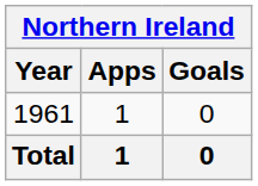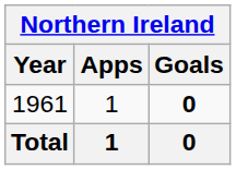 <table class="wikitable" style="text-align:center">
 <tr>
 <th colspan=3><a href='#'>Northern Ireland</a></th>
 </tr>
 <tr>
 <th>Year</th>
 <th>Apps</th>
 <th>Goals</th>
 </tr>
 <tr>
 <td>1961</td>
 <td>1</td>
-<td>0</td>
+<td><strong>0</strong></td>
 </tr>
 <tr>
 <th>Total</th>
 <th>1</th>
 <th>0</th>
 </tr>
 </table>
